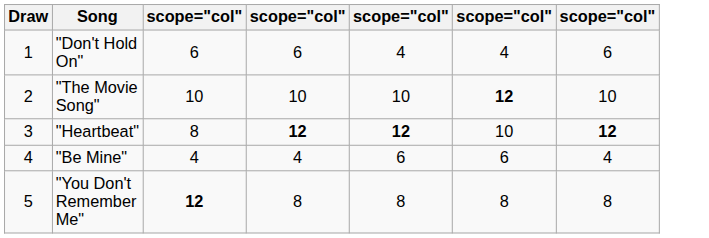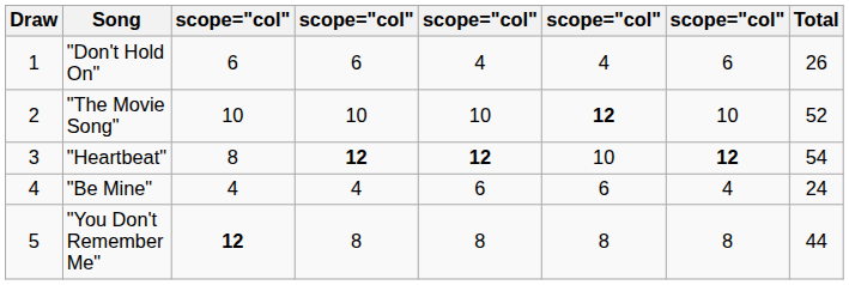 <table class="wikitable collapsible" style="margin: 1em auto 1em auto; text-align:center;">
 <tr>
 <th>Draw</th>
 <th>Song</th>
 <th>scope="col" </th>
 <th>scope="col" </th>
 <th>scope="col" </th>
 <th>scope="col" </th>
 <th>scope="col" </th>
+<th>Total</th>
 </tr>
 <tr>
 <td>1</td>
 <td align="left">"Don't Hold On"</td>
 <td>6</td>
 <td>6</td>
 <td>4</td>
 <td>4</td>
 <td>6</td>
+<td>26</td>
 </tr>
 <tr>
 <td>2</td>
 <td align="left">"The Movie Song"</td>
 <td>10</td>
 <td>10</td>
 <td>10</td>
 <td><strong>12</strong></td>
 <td>10</td>
+<td>52</td>
 </tr>
 <tr>
 <td>3</td>
 <td align="left">"Heartbeat"</td>
 <td>8</td>
 <td><strong>12</strong></td>
 <td><strong>12</strong></td>
 <td>10</td>
 <td><strong>12</strong></td>
+<td>54</td>
 </tr>
 <tr>
 <td>4</td>
 <td align="left">"Be Mine"</td>
 <td>4</td>
 <td>4</td>
 <td>6</td>
 <td>6</td>
 <td>4</td>
+<td>24</td>
 </tr>
 <tr>
 <td>5</td>
 <td align="left">"You Don't Remember Me"</td>
 <td><strong>12</strong></td>
 <td>8</td>
 <td>8</td>
 <td>8</td>
 <td>8</td>
+<td>44</td>
 </tr>
 </table>
